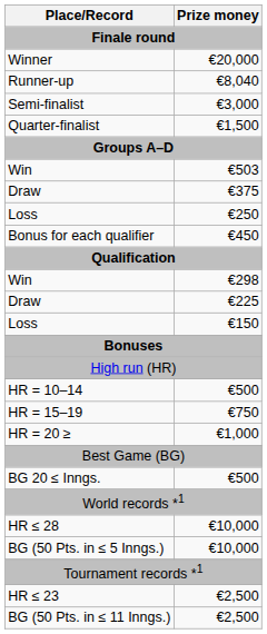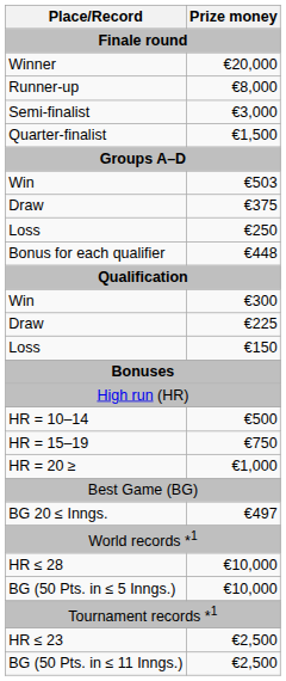 <table class="wikitable" border="1" ;>
 <tr>
 <th>Place/Record</th>
 <th>Prize money </th>
 </tr>
 <tr style="background:#BFBFBF">
 <td colspan="2" align="center"><strong>Finale round</strong></td>
 </tr>
 <tr>
 <td>Winner</td>
 <td style="text-align:right">€20,000</td>
 </tr>
 <tr>
 <td>Runner-up</td>
-<td style="text-align:right">€8,040</td>
+<td style="text-align:right">€8,000</td>
 </tr>
 <tr>
 <td>Semi-finalist</td>
 <td style="text-align:right">€3,000</td>
 </tr>
 <tr>
 <td>Quarter-finalist</td>
 <td style="text-align:right">€1,500</td>
 </tr>
 <tr style="background:#BFBFBF">
 <td colspan="2" align="center"><strong>Groups A–D</strong></td>
 </tr>
 <tr>
 <td>Win</td>
 <td style="text-align:right">€503</td>
 </tr>
 <tr>
 <td>Draw</td>
 <td style="text-align:right">€375</td>
 </tr>
 <tr>
 <td>Loss</td>
 <td style="text-align:right">€250</td>
 </tr>
 <tr>
 <td>Bonus for each qualifier</td>
-<td style="text-align:right">€450</td>
+<td style="text-align:right">€448</td>
 </tr>
 <tr style="background:#BFBFBF">
 <td colspan="2" align="center"><strong>Qualification</strong></td>
 </tr>
 <tr>
 <td>Win</td>
-<td style="text-align:right">€298</td>
+<td style="text-align:right">€300</td>
 </tr>
 <tr>
 <td>Draw</td>
 <td style="text-align:right">€225</td>
 </tr>
 <tr>
 <td>Loss</td>
 <td style="text-align:right">€150</td>
 </tr>
 <tr style="background:#BFBFBF">
 <td colspan="2" align="center"><strong>Bonuses</strong></td>
 </tr>
 <tr style="background:#BFBFBF">
 <td colspan="2" align="center"><a href='#'>High run</a> (HR)</td>
 </tr>
 <tr>
 <td>HR = 10–14</td>
 <td style="text-align:right">€500</td>
 </tr>
 <tr>
 <td>HR = 15–19</td>
 <td style="text-align:right">€750</td>
 </tr>
 <tr>
 <td>HR = 20 ≥</td>
 <td style="text-align:right">€1,000</td>
 </tr>
 <tr style="background:#BFBFBF">
 <td colspan="2" align="center">Best Game (BG)</td>
 </tr>
 <tr>
 <td>BG 20 ≤ Inngs.</td>
-<td style="text-align:right">€500</td>
+<td style="text-align:right">€497</td>
 </tr>
 <tr style="background:#BFBFBF">
 <td colspan="2" align="center">World records *<sup>1</sup></td>
 </tr>
 <tr>
 <td>HR ≤ 28</td>
 <td style="text-align:right">€10,000</td>
 </tr>
 <tr>
 <td>BG (50 Pts. in ≤ 5 Inngs.)</td>
 <td style="text-align:right">€10,000</td>
 </tr>
 <tr style="background:#BFBFBF">
 <td colspan="2" align="center">Tournament records *<sup>1</sup></td>
 </tr>
 <tr>
 <td>HR ≤ 23</td>
 <td style="text-align:right">€2,500</td>
 </tr>
 <tr>
 <td>BG (50 Pts. in ≤ 11 Inngs.)</td>
 <td style="text-align:right">€2,500</td>
 </tr>
 </table>
